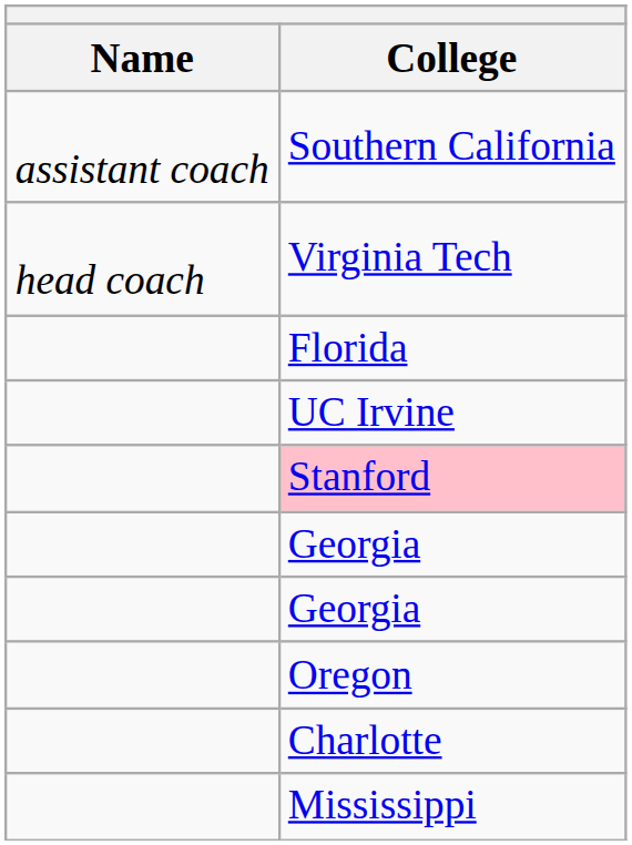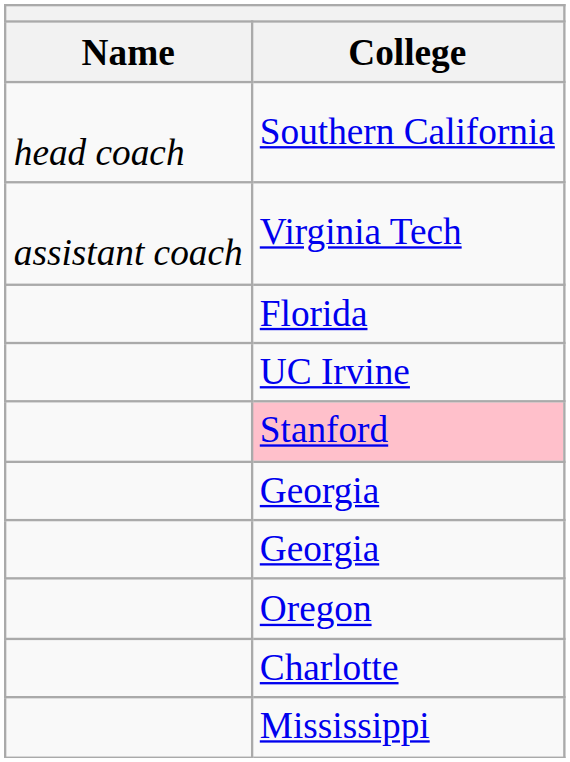 <table class="wikitable sortable">
 <tr>
 <th colspan=2></th>
 </tr>
 <tr>
 <th>Name</th>
 <th>College</th>
 </tr>
 <tr>
-<td><br><em>assistant coach</em></td>
+<td><br><em>head coach</em></td>
 <td><a href='#'>Southern California</a></td>
 </tr>
 <tr>
-<td><br><em>head coach</em></td>
+<td><br><em>assistant coach</em></td>
 <td><a href='#'>Virginia Tech</a></td>
 </tr>
 <tr>
 <td></td>
 <td><a href='#'>Florida</a></td>
 </tr>
 <tr>
 <td></td>
 <td><a href='#'>UC Irvine</a></td>
 </tr>
 <tr>
 <td></td>
 <td style="background: pink;"><a href='#'>Stanford</a></td>
 </tr>
 <tr>
 <td></td>
 <td><a href='#'>Georgia</a></td>
 </tr>
 <tr>
 <td></td>
 <td><a href='#'>Georgia</a></td>
 </tr>
 <tr>
 <td></td>
 <td><a href='#'>Oregon</a></td>
 </tr>
 <tr>
 <td></td>
 <td><a href='#'>Charlotte</a></td>
 </tr>
 <tr>
 <td></td>
 <td><a href='#'>Mississippi</a></td>
 </tr>
 </table>
